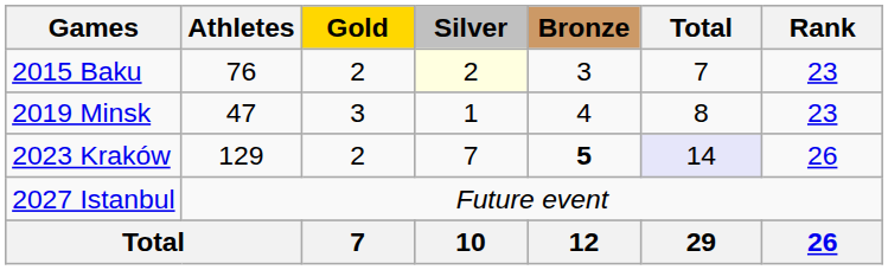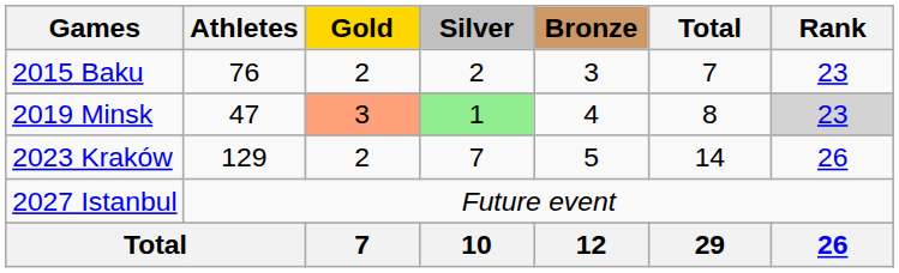 <table class="wikitable" style="text-align:center; font-size:90%;">
 <tr>
 <th>Games</th>
 <th>Athletes</th>
 <td style="background:gold; width:3.7em; font-weight:bold;">Gold</td>
 <td style="background:silver; width:3.7em; font-weight:bold;">Silver</td>
 <td style="background:#cc9966; width:3.7em; font-weight:bold;">Bronze</td>
 <th style="width:4em; font-weight:bold;">Total</th>
 <th style="width:4em; font-weight:bold;">Rank</th>
 </tr>
 <tr>
 <td align=left> <a href='#'>2015 Baku</a></td>
 <td>76</td>
 <td>2</td>
-<td style="background: lightyellow;">2</td>
+<td>2</td>
 <td>3</td>
 <td>7</td>
 <td><a href='#'>23</a></td>
 </tr>
 <tr>
 <td align=left> <a href='#'>2019 Minsk</a></td>
 <td>47</td>
-<td>3</td>
-<td>1</td>
+<td style="background: lightsalmon;">3</td>
+<td style="background: lightgreen;">1</td>
 <td>4</td>
 <td>8</td>
-<td><a href='#'>23</a></td>
+<td style="background: lightgrey;"><a href='#'>23</a></td>
 </tr>
 <tr>
 <td align=left> <a href='#'>2023 Kraków</a></td>
 <td>129</td>
 <td>2</td>
 <td>7</td>
-<td><strong>5</strong></td>
-<td style="background: lavender;">14</td>
+<td>5</td>
+<td>14</td>
 <td><a href='#'>26</a></td>
 </tr>
 <tr>
 <td align=left> <a href='#'>2027 Istanbul</a></td>
 <td colspan=6><em>Future event</em></td>
 </tr>
 <tr>
 <th colspan=2>Total</th>
 <th>7</th>
 <th>10</th>
 <th>12</th>
 <th>29</th>
 <th><a href='#'>26</a></th>
 </tr>
 </table>
